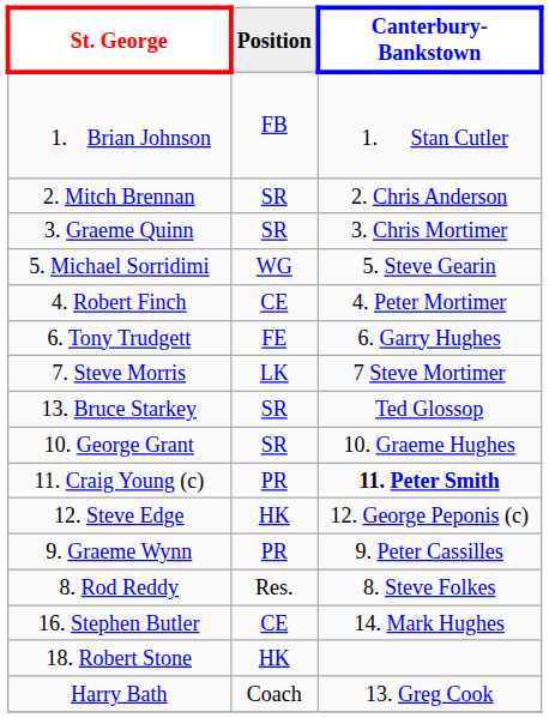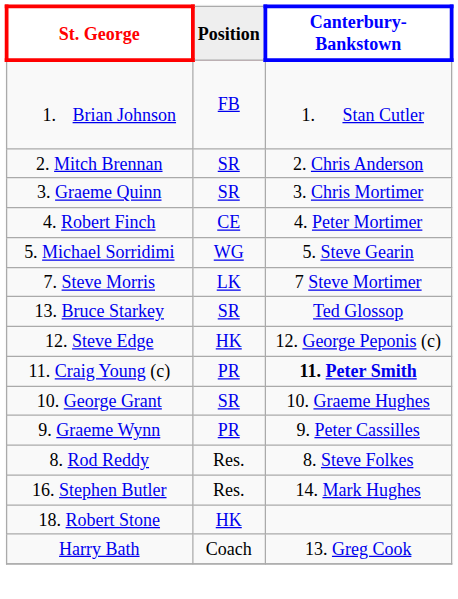 <table align="right" class="wikitable" style="font-size:90%; margin-left:1em">
 <tr bgcolor="#FF0033">
 <th style="width:140px; border:3px solid red; background: white; color: red">St. George</th>
 <th style="width:40px; text-align:center; background:#eee; color:black;">Position</th>
 <th style="width:140px; border:3px solid blue; background: white; color: blue">Canterbury-Bankstown</th>
 </tr>
 <tr align=center>
 <td><br><ol><li><a href='#'>Brian Johnson</a></li></ol></td>
 <td><a href='#'>FB</a></td>
 <td><br><ol><li><a href='#'>Stan Cutler</a></li></ol></td>
 </tr>
 <tr align=center>
 <td>2. <a href='#'>Mitch Brennan</a></td>
 <td><a href='#'>SR</a></td>
 <td>2. <a href='#'>Chris Anderson</a></td>
 </tr>
 <tr align=center>
 <td>3. <a href='#'>Graeme Quinn</a></td>
 <td><a href='#'>SR</a></td>
 <td>3. <a href='#'>Chris Mortimer</a></td>
 </tr>
 <tr align=center>
-<td>5. <a href='#'>Michael Sorridimi</a></td>
-<td><a href='#'>WG</a></td>
-<td>5. <a href='#'>Steve Gearin</a></td>
-</tr>
-<tr align=center>
 <td>4. <a href='#'>Robert Finch</a></td>
 <td><a href='#'>CE</a></td>
 <td>4. <a href='#'>Peter Mortimer</a></td>
 </tr>
 <tr align=center>
-<td>6. <a href='#'>Tony Trudgett</a></td>
-<td><a href='#'>FE</a></td>
-<td>6. <a href='#'>Garry Hughes</a></td>
+<td>5. <a href='#'>Michael Sorridimi</a></td>
+<td><a href='#'>WG</a></td>
+<td>5. <a href='#'>Steve Gearin</a></td>
 </tr>
 <tr align=center>
 <td>7. <a href='#'>Steve Morris</a></td>
 <td><a href='#'>LK</a></td>
 <td>7 <a href='#'>Steve Mortimer</a></td>
 </tr>
 <tr align=center>
 <td>13. <a href='#'>Bruce Starkey</a></td>
 <td><a href='#'>SR</a></td>
 <td><a href='#'>Ted Glossop</a></td>
 </tr>
 <tr align=center>
-<td>10. <a href='#'>George Grant</a></td>
-<td><a href='#'>SR</a></td>
-<td>10. <a href='#'>Graeme Hughes</a></td>
+<td>12. <a href='#'>Steve Edge</a></td>
+<td><a href='#'>HK</a></td>
+<td>12. <a href='#'>George Peponis</a> (c)</td>
 </tr>
 <tr align=center>
 <td>11. <a href='#'>Craig Young</a> (c)</td>
 <td><a href='#'>PR</a></td>
 <td><strong>11. <a href='#'>Peter Smith</a></strong></td>
 </tr>
 <tr align=center>
-<td>12. <a href='#'>Steve Edge</a></td>
-<td><a href='#'>HK</a></td>
-<td>12. <a href='#'>George Peponis</a> (c)</td>
+<td>10. <a href='#'>George Grant</a></td>
+<td><a href='#'>SR</a></td>
+<td>10. <a href='#'>Graeme Hughes</a></td>
 </tr>
 <tr align=center>
 <td>9. <a href='#'>Graeme Wynn</a></td>
 <td><a href='#'>PR</a></td>
 <td>9. <a href='#'>Peter Cassilles</a></td>
 </tr>
 <tr align=center>
 <td>8. <a href='#'>Rod Reddy</a></td>
 <td>Res.</td>
 <td>8. <a href='#'>Steve Folkes</a></td>
 </tr>
 <tr align=center>
 <td>16. <a href='#'>Stephen Butler</a></td>
-<td><a href='#'>CE</a></td>
+<td>Res.</td>
 <td>14. <a href='#'>Mark Hughes</a></td>
 </tr>
 <tr align=center>
 <td>18. <a href='#'>Robert Stone</a></td>
 <td><a href='#'>HK</a></td>
 <td></td>
 </tr>
 <tr align=center>
 <td><a href='#'>Harry Bath</a></td>
 <td>Coach</td>
 <td>13. <a href='#'>Greg Cook</a></td>
 </tr>
 <tr align=center>
 </tr>
 </table>
